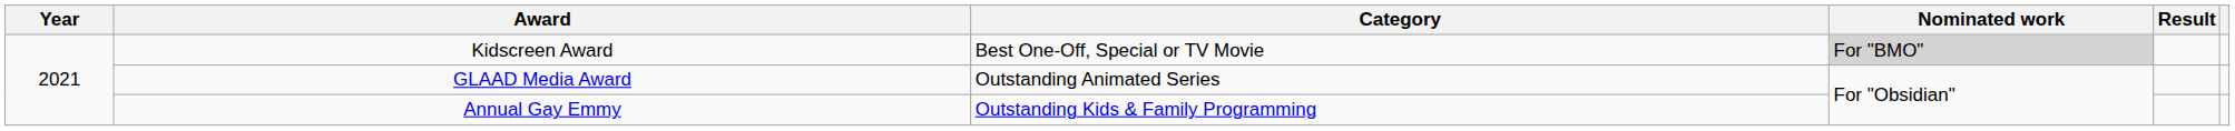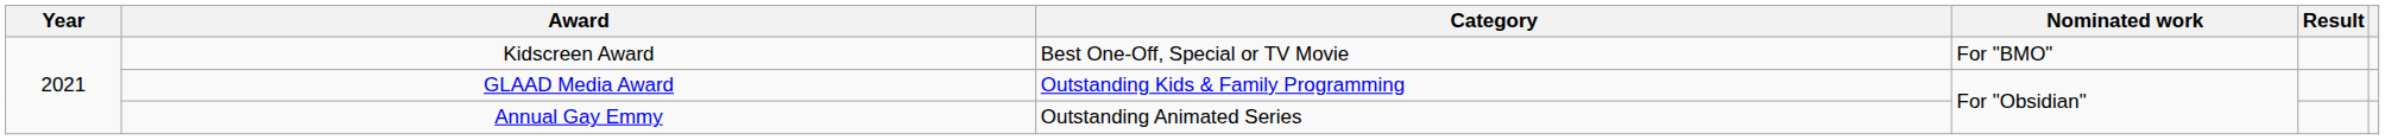 <table class="wikitable" style="width:95%;">
 <tr>
 <th width=5%>Year</th>
 <th style="width:40%;">Award</th>
 <th style="width:40%;">Category</th>
 <th style="width:30%;">Nominated work</th>
 <th style="width:40%;">Result</th>
 <th width=5%></th>
 </tr>
 <tr>
 <td rowspan="3" style="text-align:center;">2021</td>
 <td style="text-align:center;">Kidscreen Award</td>
 <td>Best One-Off, Special or TV Movie</td>
-<td style="background: lightgrey;">For "BMO"</td>
+<td>For "BMO"</td>
 <td></td>
 <td></td>
 </tr>
 <tr>
 <td style="text-align:center;"><a href='#'>GLAAD Media Award</a></td>
-<td>Outstanding Animated Series</td>
+<td><a href='#'>Outstanding Kids & Family Programming</a></td>
 <td rowspan="2">For "Obsidian"</td>
 <td></td>
 <td></td>
 </tr>
 <tr>
 <td style="text-align:center;"><a href='#'>Annual Gay Emmy</a></td>
-<td><a href='#'>Outstanding Kids & Family Programming</a></td>
+<td>Outstanding Animated Series</td>
 <td></td>
 <td></td>
 </tr>
 </table>
